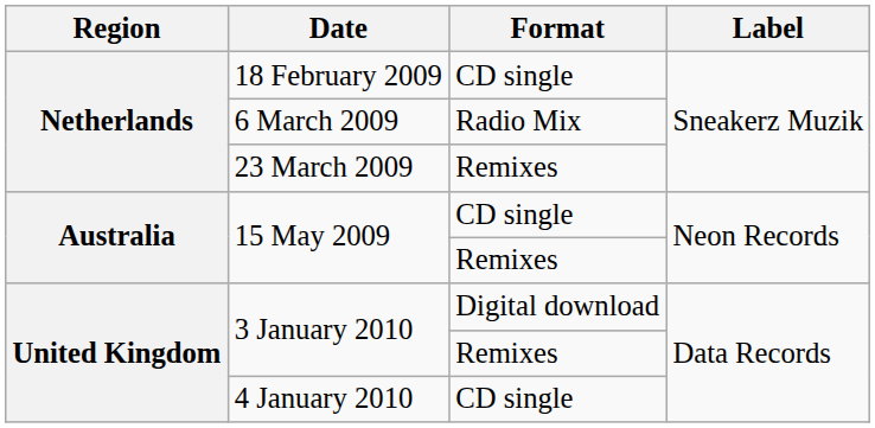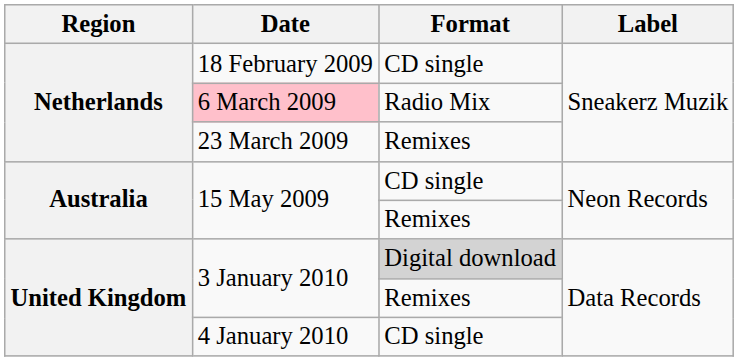 <table class="wikitable plainrowheaders">
 <tr>
 <th>Region</th>
 <th>Date</th>
 <th>Format</th>
 <th>Label</th>
 </tr>
 <tr>
 <th scope="row" rowspan="3">Netherlands</th>
 <td>18 February 2009</td>
 <td>CD single</td>
 <td rowspan="3">Sneakerz Muzik</td>
 </tr>
 <tr>
-<td>6 March 2009</td>
+<td style="background: pink;">6 March 2009</td>
 <td>Radio Mix</td>
 </tr>
 <tr>
 <td>23 March 2009</td>
 <td>Remixes</td>
 </tr>
 <tr>
 <th scope="row" rowspan="2">Australia</th>
 <td rowspan="2">15 May 2009</td>
 <td>CD single</td>
 <td rowspan="2">Neon Records</td>
 </tr>
 <tr>
 <td>Remixes</td>
 </tr>
 <tr>
 <th scope="row" rowspan="3">United Kingdom</th>
 <td rowspan="2">3 January 2010</td>
-<td>Digital download</td>
+<td style="background: lightgrey;">Digital download</td>
 <td rowspan="3">Data Records</td>
 </tr>
 <tr>
 <td>Remixes</td>
 </tr>
 <tr>
 <td>4 January 2010</td>
 <td>CD single</td>
 </tr>
 </table>
